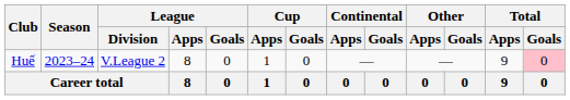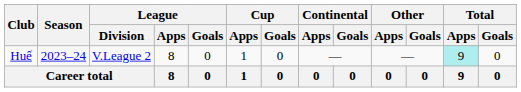 <table class="wikitable" style="text-align:center">
 <tr>
 <th rowspan="2">Club</th>
 <th rowspan="2">Season</th>
 <th colspan="3">League</th>
 <th colspan="2">Cup</th>
 <th colspan="2">Continental</th>
 <th colspan="2">Other</th>
 <th colspan="2">Total</th>
 </tr>
 <tr>
 <th>Division</th>
 <th>Apps</th>
 <th>Goals</th>
 <th>Apps</th>
 <th>Goals</th>
 <th>Apps</th>
 <th>Goals</th>
 <th>Apps</th>
 <th>Goals</th>
 <th>Apps</th>
 <th>Goals</th>
 </tr>
 <tr>
 <td><a href='#'>Huế</a></td>
 <td><a href='#'>2023–24</a></td>
 <td><a href='#'>V.League 2</a></td>
 <td>8</td>
 <td>0</td>
 <td>1</td>
 <td>0</td>
 <td colspan="2">—</td>
 <td colspan="2">—</td>
-<td>9</td>
-<td style="background: pink;">0</td>
+<td style="background: paleturquoise;">9</td>
+<td>0</td>
 </tr>
 <tr>
 <th colspan="3">Career total</th>
 <th>8</th>
 <th>0</th>
 <th>1</th>
 <th>0</th>
 <th>0</th>
 <th>0</th>
 <th>0</th>
 <th>0</th>
 <th>9</th>
 <th>0</th>
 </tr>
 </table>
